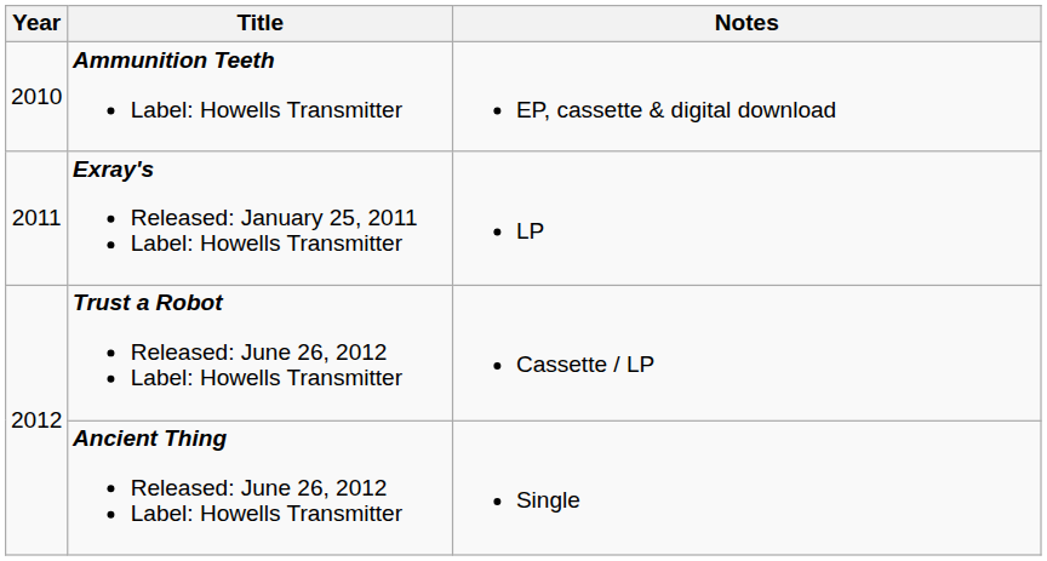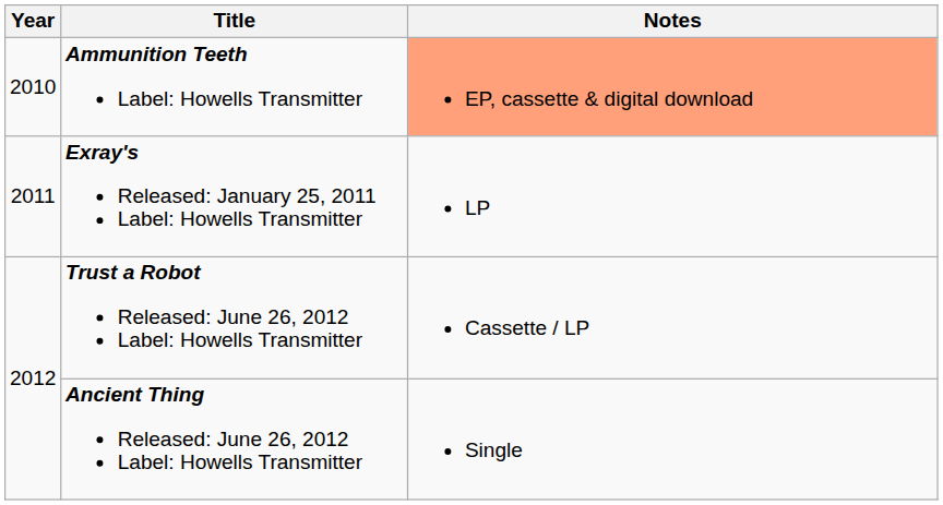 <table class="wikitable">
 <tr>
 <th width="33">Year</th>
 <th width="260">Title</th>
 <th width="400">Notes</th>
 </tr>
 <tr>
 <td align="center">2010</td>
 <td><strong><em>Ammunition Teeth</em></strong><br><ul><li>Label: Howells Transmitter</li></ul></td>
-<td><br><ul><li>EP, cassette & digital download</li></ul></td>
+<td style="background: lightsalmon;"><br><ul><li>EP, cassette & digital download</li></ul></td>
 </tr>
 <tr>
 <td align="center">2011</td>
 <td><strong><em>Exray's</em></strong><br><ul><li>Released: January 25, 2011</li><li>Label: Howells Transmitter</li></ul></td>
 <td><br><ul><li>LP</li></ul></td>
 </tr>
 <tr>
 <td align="center" rowspan="2">2012</td>
 <td><strong><em>Trust a Robot</em></strong><br><ul><li>Released: June 26, 2012</li><li>Label: Howells Transmitter</li></ul></td>
 <td><br><ul><li>Cassette / LP</li></ul></td>
 </tr>
 <tr>
 <td><strong><em>Ancient Thing</em></strong><br><ul><li>Released: June 26, 2012</li><li>Label: Howells Transmitter</li></ul></td>
 <td><br><ul><li>Single</li></ul></td>
 </tr>
 </table>
